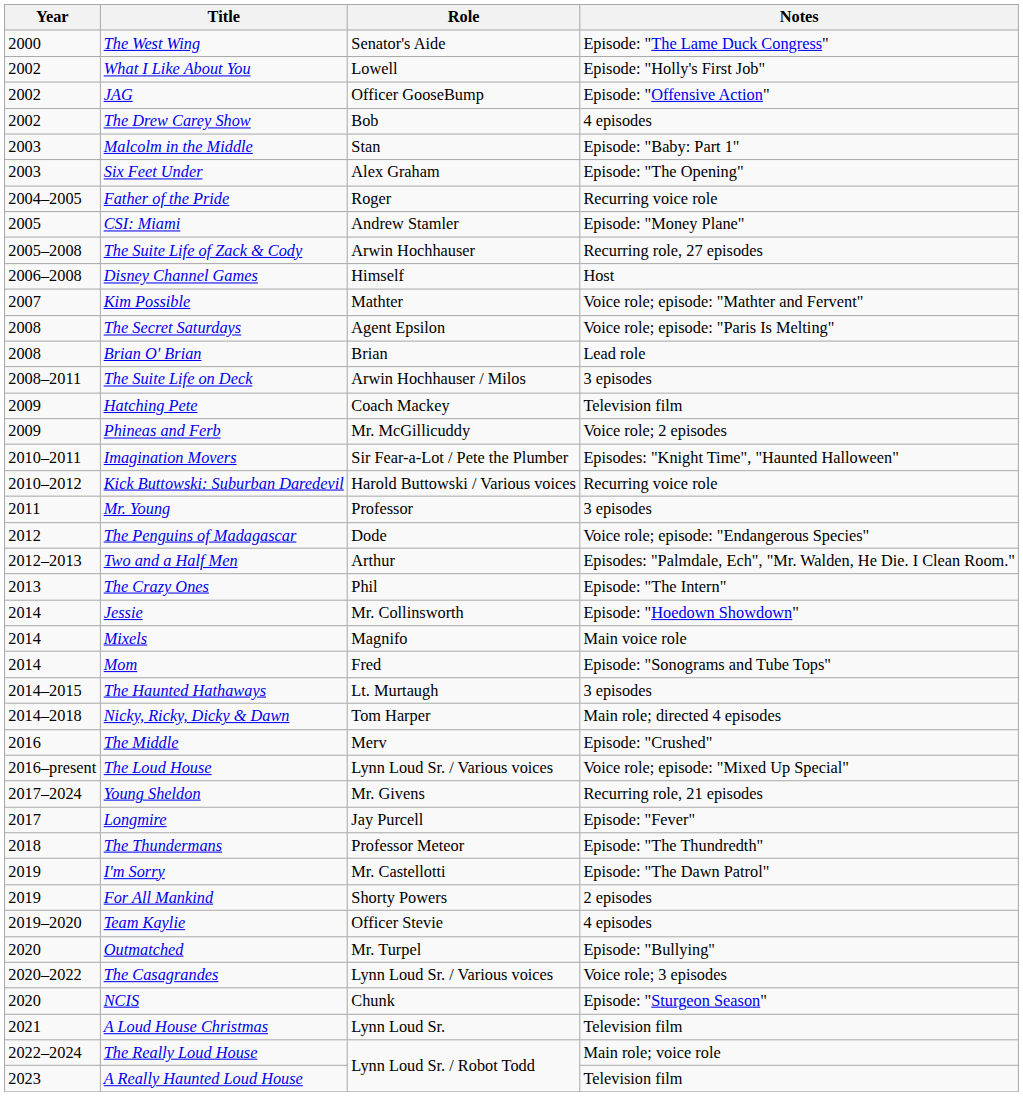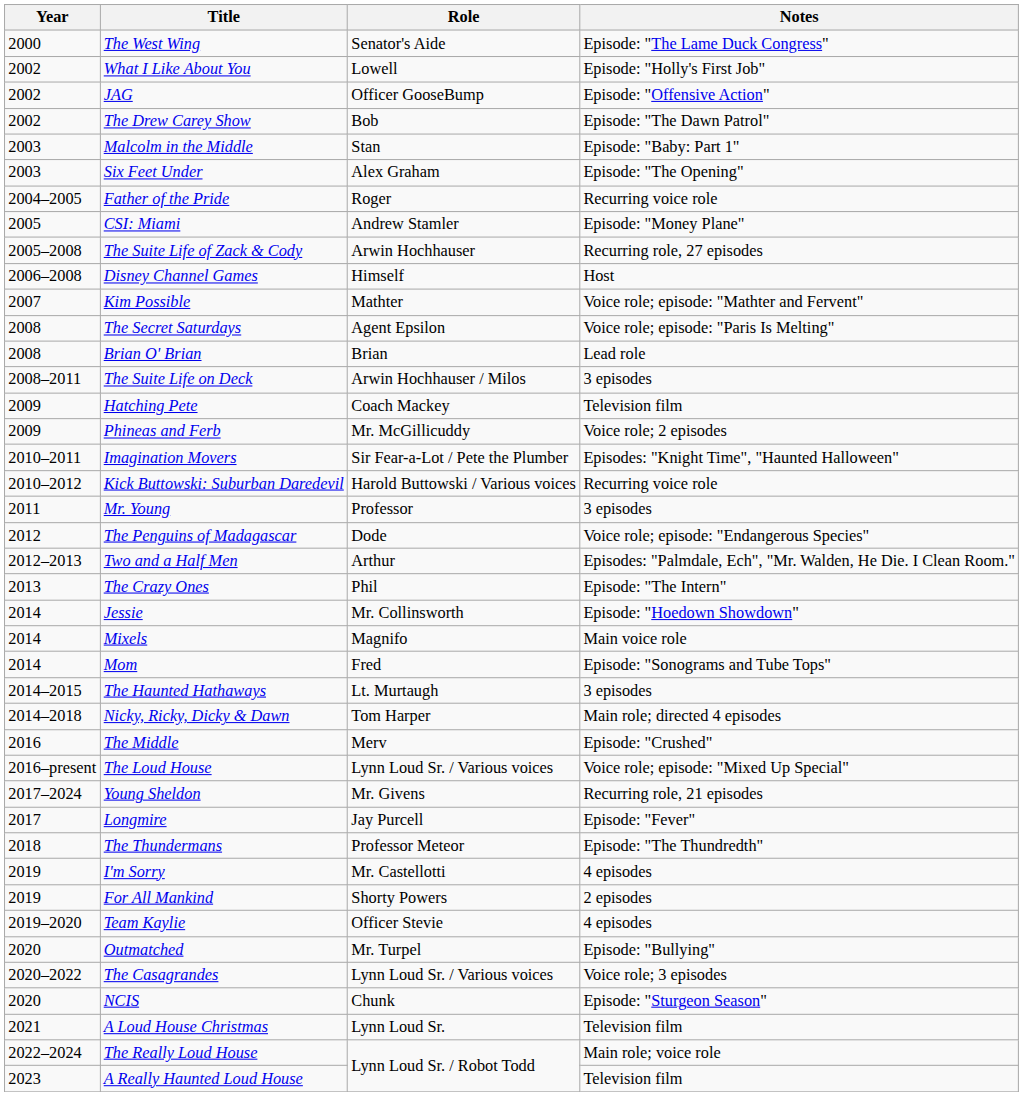 <table class="wikitable">
 <tr>
 <th>Year</th>
 <th>Title</th>
 <th>Role</th>
 <th>Notes</th>
 </tr>
 <tr>
 <td>2000</td>
 <td><em><a href='#'>The West Wing</a></em></td>
 <td>Senator's Aide</td>
 <td>Episode: "<a href='#'>The Lame Duck Congress</a>"</td>
 </tr>
 <tr>
 <td>2002</td>
 <td><em><a href='#'>What I Like About You</a></em></td>
 <td>Lowell</td>
 <td>Episode: "Holly's First Job"</td>
 </tr>
 <tr>
 <td>2002</td>
 <td><em><a href='#'>JAG</a></em></td>
 <td>Officer GooseBump</td>
 <td>Episode: "<a href='#'>Offensive Action</a>"</td>
 </tr>
 <tr>
 <td>2002</td>
 <td><em><a href='#'>The Drew Carey Show</a></em></td>
 <td>Bob</td>
-<td>4 episodes</td>
+<td>Episode: "The Dawn Patrol"</td>
 </tr>
 <tr>
 <td>2003</td>
 <td><em><a href='#'>Malcolm in the Middle</a></em></td>
 <td>Stan</td>
 <td>Episode: "Baby: Part 1"</td>
 </tr>
 <tr>
 <td>2003</td>
 <td><em><a href='#'>Six Feet Under</a></em></td>
 <td>Alex Graham</td>
 <td>Episode: "The Opening"</td>
 </tr>
 <tr>
 <td>2004–2005</td>
 <td><em><a href='#'>Father of the Pride</a></em></td>
 <td>Roger</td>
 <td>Recurring voice role</td>
 </tr>
 <tr>
 <td>2005</td>
 <td><em><a href='#'>CSI: Miami</a></em></td>
 <td>Andrew Stamler</td>
 <td>Episode: "Money Plane"</td>
 </tr>
 <tr>
 <td>2005–2008</td>
 <td><em><a href='#'>The Suite Life of Zack & Cody</a></em></td>
 <td>Arwin Hochhauser</td>
 <td>Recurring role, 27 episodes</td>
 </tr>
 <tr>
 <td>2006–2008</td>
 <td><em><a href='#'>Disney Channel Games</a></em></td>
 <td>Himself</td>
 <td>Host</td>
 </tr>
 <tr>
 <td>2007</td>
 <td><em><a href='#'>Kim Possible</a></em></td>
 <td>Mathter</td>
 <td>Voice role; episode: "Mathter and Fervent"</td>
 </tr>
 <tr>
 <td>2008</td>
 <td><em><a href='#'>The Secret Saturdays</a></em></td>
 <td>Agent Epsilon</td>
 <td>Voice role; episode: "Paris Is Melting"</td>
 </tr>
 <tr>
 <td>2008</td>
 <td><em><a href='#'>Brian O' Brian</a></em></td>
 <td>Brian</td>
 <td>Lead role</td>
 </tr>
 <tr>
 <td>2008–2011</td>
 <td><em><a href='#'>The Suite Life on Deck</a></em></td>
 <td>Arwin Hochhauser / Milos</td>
 <td>3 episodes</td>
 </tr>
 <tr>
 <td>2009</td>
 <td><em><a href='#'>Hatching Pete</a></em></td>
 <td>Coach Mackey</td>
 <td>Television film</td>
 </tr>
 <tr>
 <td>2009</td>
 <td><em><a href='#'>Phineas and Ferb</a></em></td>
 <td>Mr. McGillicuddy</td>
 <td>Voice role; 2 episodes</td>
 </tr>
 <tr>
 <td>2010–2011</td>
 <td><em><a href='#'>Imagination Movers</a></em></td>
 <td>Sir Fear-a-Lot / Pete the Plumber</td>
 <td>Episodes: "Knight Time", "Haunted Halloween"</td>
 </tr>
 <tr>
 <td>2010–2012</td>
 <td><em><a href='#'>Kick Buttowski: Suburban Daredevil</a></em></td>
 <td>Harold Buttowski / Various voices</td>
 <td>Recurring voice role</td>
 </tr>
 <tr>
 <td>2011</td>
 <td><em><a href='#'>Mr. Young</a></em></td>
 <td>Professor</td>
 <td>3 episodes</td>
 </tr>
 <tr>
 <td>2012</td>
 <td><em><a href='#'>The Penguins of Madagascar</a></em></td>
 <td>Dode</td>
 <td>Voice role; episode: "Endangerous Species"</td>
 </tr>
 <tr>
 <td>2012–2013</td>
 <td><em><a href='#'>Two and a Half Men</a></em></td>
 <td>Arthur</td>
 <td>Episodes: "Palmdale, Ech", "Mr. Walden, He Die. I Clean Room."</td>
 </tr>
 <tr>
 <td>2013</td>
 <td><em><a href='#'>The Crazy Ones</a></em></td>
 <td>Phil</td>
 <td>Episode: "The Intern"</td>
 </tr>
 <tr>
 <td>2014</td>
 <td><em><a href='#'>Jessie</a></em></td>
 <td>Mr. Collinsworth</td>
 <td>Episode: "<a href='#'>Hoedown Showdown</a>"</td>
 </tr>
 <tr>
 <td>2014</td>
 <td><em><a href='#'>Mixels</a></em></td>
 <td>Magnifo</td>
 <td>Main voice role</td>
 </tr>
 <tr>
 <td>2014</td>
 <td><em><a href='#'>Mom</a></em></td>
 <td>Fred</td>
 <td>Episode: "Sonograms and Tube Tops"</td>
 </tr>
 <tr>
 <td>2014–2015</td>
 <td><em><a href='#'>The Haunted Hathaways</a></em></td>
 <td>Lt. Murtaugh</td>
 <td>3 episodes</td>
 </tr>
 <tr>
 <td>2014–2018</td>
 <td><em><a href='#'>Nicky, Ricky, Dicky & Dawn</a></em></td>
 <td>Tom Harper</td>
 <td>Main role; directed 4 episodes</td>
 </tr>
 <tr>
 <td>2016</td>
 <td><em><a href='#'>The Middle</a></em></td>
 <td>Merv</td>
 <td>Episode: "Crushed"</td>
 </tr>
 <tr>
 <td>2016–present</td>
 <td><em><a href='#'>The Loud House</a></em></td>
 <td>Lynn Loud Sr. / Various voices</td>
 <td>Voice role; episode: "Mixed Up Special"</td>
 </tr>
 <tr>
 <td>2017–2024</td>
 <td><em><a href='#'>Young Sheldon</a></em></td>
 <td>Mr. Givens</td>
 <td>Recurring role, 21 episodes</td>
 </tr>
 <tr>
 <td>2017</td>
 <td><em><a href='#'>Longmire</a></em></td>
 <td>Jay Purcell</td>
 <td>Episode: "Fever"</td>
 </tr>
 <tr>
 <td>2018</td>
 <td><em><a href='#'>The Thundermans</a></em></td>
 <td>Professor Meteor</td>
 <td>Episode: "The Thundredth"</td>
 </tr>
 <tr>
 <td>2019</td>
 <td><em><a href='#'>I'm Sorry</a></em></td>
 <td>Mr. Castellotti</td>
-<td>Episode: "The Dawn Patrol"</td>
+<td>4 episodes</td>
 </tr>
 <tr>
 <td>2019</td>
 <td><em><a href='#'>For All Mankind</a></em></td>
 <td>Shorty Powers</td>
 <td>2 episodes</td>
 </tr>
 <tr>
 <td>2019–2020</td>
 <td><em><a href='#'>Team Kaylie</a></em></td>
 <td>Officer Stevie</td>
 <td>4 episodes</td>
 </tr>
 <tr>
 <td>2020</td>
 <td><em><a href='#'>Outmatched</a></em></td>
 <td>Mr. Turpel</td>
 <td>Episode: "Bullying"</td>
 </tr>
 <tr>
 <td>2020–2022</td>
 <td><em><a href='#'>The Casagrandes</a></em></td>
 <td>Lynn Loud Sr. / Various voices</td>
 <td>Voice role; 3 episodes</td>
 </tr>
 <tr>
 <td>2020</td>
 <td><em><a href='#'>NCIS</a></em></td>
 <td>Chunk</td>
 <td>Episode: "<a href='#'>Sturgeon Season</a>"</td>
 </tr>
 <tr>
 <td>2021</td>
 <td><em><a href='#'>A Loud House Christmas</a></em></td>
 <td>Lynn Loud Sr.</td>
 <td>Television film</td>
 </tr>
 <tr>
 <td>2022–2024</td>
 <td><em><a href='#'>The Really Loud House</a></em></td>
 <td rowspan=2>Lynn Loud Sr. / Robot Todd</td>
 <td>Main role; voice role</td>
 </tr>
 <tr>
 <td>2023</td>
 <td><em><a href='#'>A Really Haunted Loud House</a></em></td>
 <td>Television film</td>
 </tr>
 </table>
